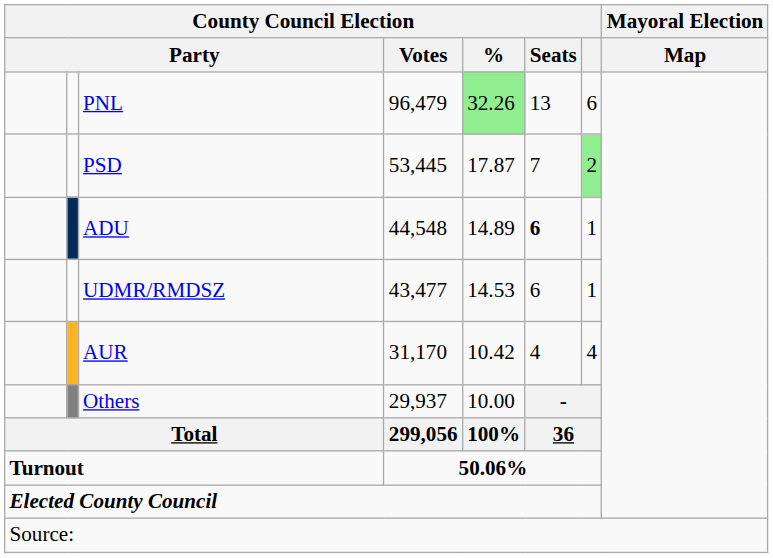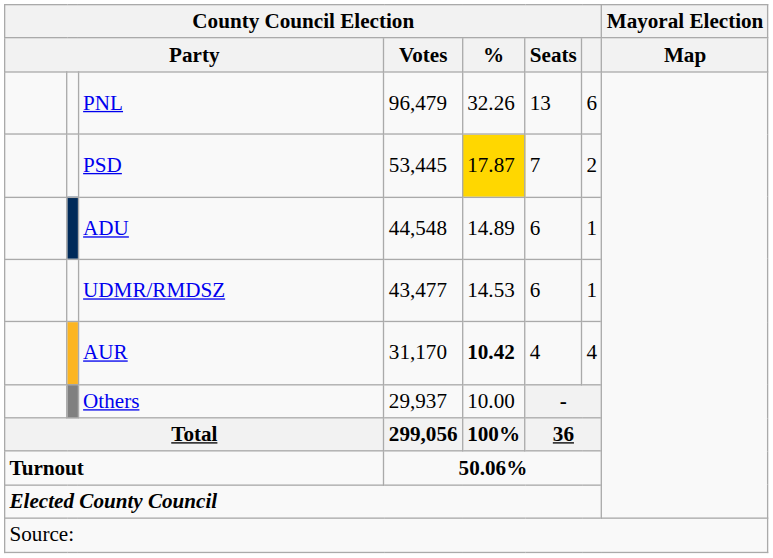 <table class="wikitable" style="text-align:left">
 <tr>
 <th colspan="7">County Council Election</th>
 <th>Mayoral Election</th>
 </tr>
 <tr>
 <th colspan="3" width="280">Party</th>
 <th>Votes</th>
 <th>%</th>
 <th>Seats</th>
 <th></th>
 <th>Map</th>
 </tr>
 <tr>
 <td width="40" height="40"></td>
 <td style="color:inherit;background:"></td>
 <td align="left"><a href='#'>PNL</a></td>
 <td>96,479</td>
-<td style="background: lightgreen;">32.26</td>
+<td>32.26</td>
 <td>13</td>
 <td>6</td>
 <td rowspan="9"></td>
 </tr>
 <tr>
 <td height="40"></td>
 <td width="1" style="color:inherit;background:"></td>
 <td align="left"><a href='#'>PSD</a></td>
 <td>53,445</td>
-<td>17.87</td>
+<td style="background: gold;">17.87</td>
 <td>7</td>
-<td style="background: lightgreen;">2</td>
+<td>2</td>
 </tr>
 <tr>
 <td height="40"></td>
 <td style="background:#002A59;"></td>
 <td align="left"><a href='#'>ADU</a></td>
 <td>44,548</td>
 <td>14.89</td>
-<td><strong>6</strong></td>
+<td>6</td>
 <td>1</td>
 </tr>
 <tr>
 <td height="40"></td>
 <td style="color:inherit;background:"></td>
 <td><a href='#'>UDMR/RMDSZ</a></td>
 <td>43,477</td>
 <td>14.53</td>
 <td>6</td>
 <td>1</td>
 </tr>
 <tr>
 <td height="40"></td>
 <td style="background:#FCB521;"></td>
 <td align="left"><a href='#'>AUR</a></td>
 <td>31,170</td>
-<td>10.42</td>
+<td><strong>10.42</strong></td>
 <td>4</td>
 <td>4</td>
 </tr>
 <tr>
 <td></td>
 <td style="background-color:Grey "></td>
 <td align="left"><a href='#'>Others</a></td>
 <td>29,937</td>
 <td>10.00</td>
 <th colspan="2">-</th>
 </tr>
 <tr>
 <th colspan="3"><strong><u>Total</u></strong></th>
 <th style="text-align:left">299,056</th>
 <th style="text-align:left">100%</th>
 <th colspan="2"><strong><u>36</u></strong></th>
 </tr>
 <tr>
 <td colspan="3"><strong>Turnout</strong></td>
 <td colspan="4" style="text-align: center"><strong>50.06%</strong></td>
 </tr>
 <tr>
 <td colspan="7"><strong><em>Elected County Council</em></strong></td>
 </tr>
 <tr>
 <td colspan="8">Source: </td>
 </tr>
 </table>
